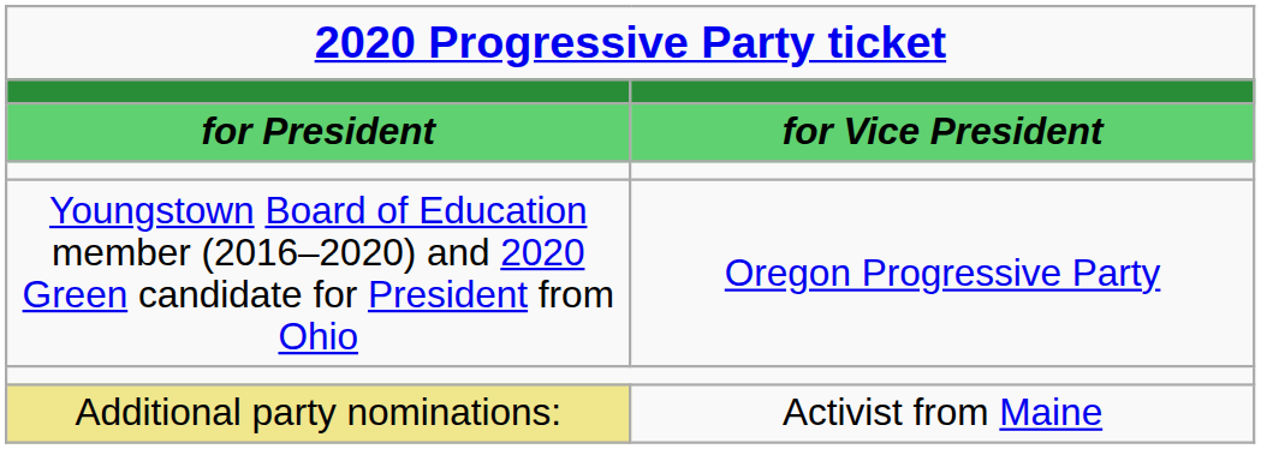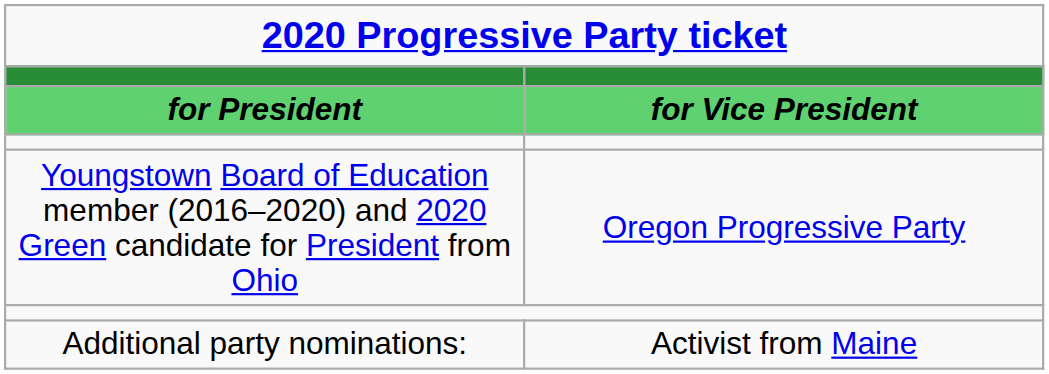 <table class="wikitable" style="font-size:90%; text-align:center">
 <tr>
 <td colspan=2><big><strong><a href='#'>2020 Progressive Party ticket</a></strong></big></td>
 </tr>
 <tr>
 <th style="font-size:135%; background:#298D38"></th>
 <th style="font-size:135%; background:#298D38"></th>
 </tr>
 <tr style="color:#000; background:#5FD170; font-size:100%">
 <td><strong><em>for President</em></strong></td>
 <td><strong><em>for Vice President</em></strong></td>
 </tr>
 <tr>
 <td></td>
 <td></td>
 </tr>
 <tr>
 <td style=width:16em><a href='#'>Youngstown</a> <a href='#'>Board of Education</a> member (2016–2020) and <a href='#'>2020</a> <a href='#'>Green</a> candidate for <a href='#'>President</a> from <a href='#'>Ohio</a></td>
 <td><a href='#'>Oregon Progressive Party</a></td>
 </tr>
 <tr>
 <td colspan=2></td>
 </tr>
 <tr>
-<td style="background: khaki;">Additional party nominations:</td>
+<td>Additional party nominations:</td>
 <td style=width:16em>Activist from <a href='#'>Maine</a></td>
 </tr>
 </table>
